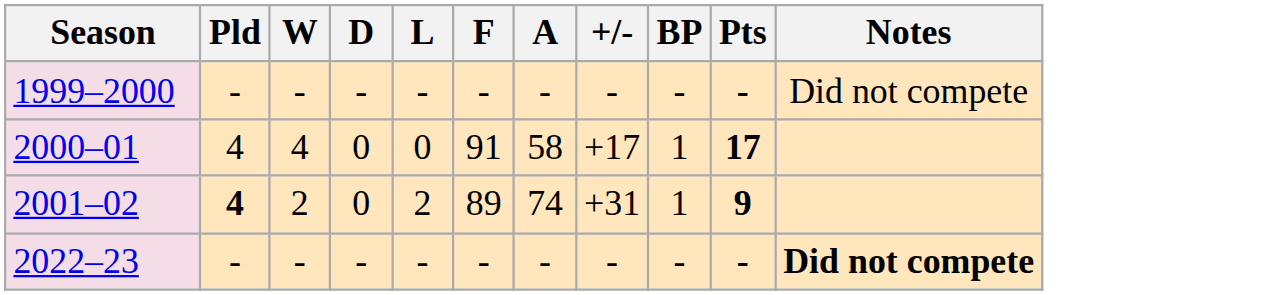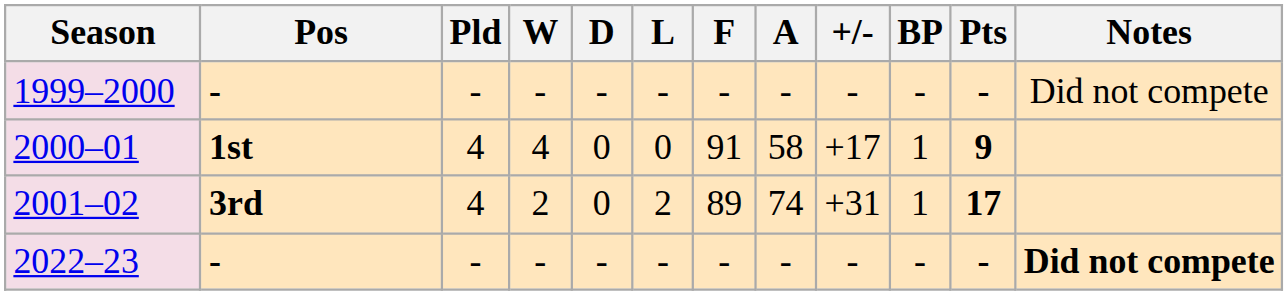 <table class="wikitable">
 <tr border=1 cellpadding=5 cellspacing=0>
 <th style="width:80px;">Season</th>
+<th style="width:100px;">Pos</th>
 <th style="width:20px;">Pld</th>
 <th style="width:20px;">W</th>
 <th style="width:20px;">D</th>
 <th style="width:20px;">L</th>
 <th style="width:20px;">F</th>
 <th style="width:20px;">A</th>
 <th style="width:25px;">+/-</th>
 <th style="width:20px;">BP</th>
 <th style="width:20px;">Pts</th>
 <th>Notes<br></th>
 </tr>
 <tr align=center>
 <td style="text-align:left; background:#F4DDE7;"><a href='#'>1999–2000</a></td>
+<td style="text-align:left; background:#ffe6bd;"><strong>-</strong></td>
 <td style="background:#ffe6bd;">-</td>
 <td style="background:#ffe6bd;">-</td>
 <td style="background:#ffe6bd;">-</td>
 <td style="background:#ffe6bd;">-</td>
 <td style="background:#ffe6bd;">-</td>
 <td style="background:#ffe6bd;">-</td>
 <td style="background:#ffe6bd;">-</td>
 <td style="background:#ffe6bd;">-</td>
 <td style="background:#ffe6bd;"><strong>-</strong></td>
 <td style="background:#ffe6bd;">Did not compete<br> </td>
 </tr>
 <tr align=center>
 <td style="text-align:left; background:#F4DDE7;"><a href='#'>2000–01</a></td>
+<td style="text-align:left; background:#ffe6bd;"><strong>1st</strong></td>
 <td style="background:#ffe6bd;">4</td>
 <td style="background:#ffe6bd;">4</td>
 <td style="background:#ffe6bd;">0</td>
 <td style="background:#ffe6bd;">0</td>
 <td style="background:#ffe6bd;">91</td>
 <td style="background:#ffe6bd;">58</td>
 <td style="background:#ffe6bd;">+17</td>
 <td style="background:#ffe6bd;">1</td>
-<td style="background:#ffe6bd;"><strong>17</strong></td>
+<td style="background:#ffe6bd;"><strong>9</strong></td>
 <td style="background:#ffe6bd;"><br> </td>
 </tr>
 <tr align=center>
 <td style="text-align:left; background:#F4DDE7;"><a href='#'>2001–02</a></td>
-<td style="background:#ffe6bd;"><strong>4</strong></td>
+<td style="text-align:left; background:#ffe6bd;"><strong>3rd</strong></td>
+<td style="background:#ffe6bd;">4</td>
 <td style="background:#ffe6bd;">2</td>
 <td style="background:#ffe6bd;">0</td>
 <td style="background:#ffe6bd;">2</td>
 <td style="background:#ffe6bd;">89</td>
 <td style="background:#ffe6bd;">74</td>
 <td style="background:#ffe6bd;">+31</td>
 <td style="background:#ffe6bd;">1</td>
-<td style="background:#ffe6bd;"><strong>9</strong></td>
+<td style="background:#ffe6bd;"><strong>17</strong></td>
 <td style="background:#ffe6bd;"><br> </td>
 </tr>
 <tr align=center>
 <td style="text-align:left; background:#F4DDE7;"><a href='#'>2022–23</a></td>
+<td style="text-align:left; background:#ffe6bd;"><strong>-</strong></td>
 <td style="background:#ffe6bd;">-</td>
 <td style="background:#ffe6bd;">-</td>
 <td style="background:#ffe6bd;">-</td>
 <td style="background:#ffe6bd;">-</td>
 <td style="background:#ffe6bd;">-</td>
 <td style="background:#ffe6bd;">-</td>
 <td style="background:#ffe6bd;">-</td>
 <td style="background:#ffe6bd;">-</td>
 <td style="background:#ffe6bd;"><strong>-</strong></td>
 <td style="background:#ffe6bd;"><strong>Did not compete<br></strong></td>
 </tr>
 </table>
